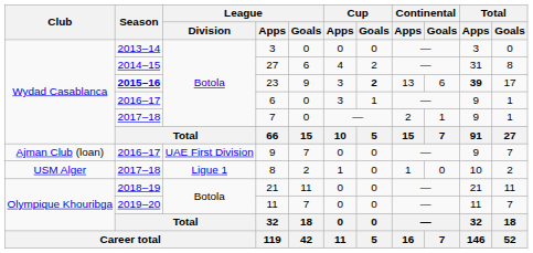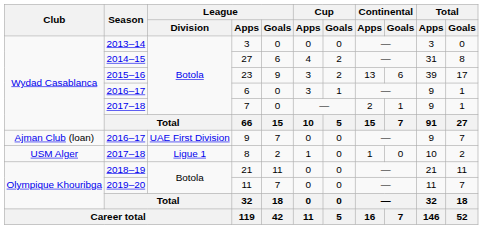 <table class="wikitable" style="text-align:center">
 <tr>
 <th rowspan="2">Club</th>
 <th rowspan="2">Season</th>
 <th colspan=3>League</th>
 <th colspan="2">Cup</th>
 <th colspan="2">Continental</th>
 <th colspan="2">Total</th>
 </tr>
 <tr>
 <th>Division</th>
 <th>Apps</th>
 <th>Goals</th>
 <th>Apps</th>
 <th>Goals</th>
 <th>Apps</th>
 <th>Goals</th>
 <th>Apps</th>
 <th>Goals</th>
 </tr>
 <tr>
 <td rowspan="6"><a href='#'>Wydad Casablanca</a></td>
 <td><a href='#'>2013–14</a></td>
 <td rowspan="5"><a href='#'>Botola</a></td>
 <td>3</td>
 <td>0</td>
 <td>0</td>
 <td>0</td>
 <td colspan="2">—</td>
 <td>3</td>
 <td>0</td>
 </tr>
 <tr>
 <td><a href='#'>2014–15</a></td>
 <td>27</td>
 <td>6</td>
 <td>4</td>
 <td>2</td>
 <td colspan="2">—</td>
 <td>31</td>
 <td>8</td>
 </tr>
 <tr>
-<td><strong><a href='#'>2015–16</a></strong></td>
+<td><a href='#'>2015–16</a></td>
 <td>23</td>
 <td>9</td>
 <td>3</td>
-<td><strong>2</strong></td>
+<td>2</td>
 <td>13</td>
 <td>6</td>
-<td><strong>39</strong></td>
+<td>39</td>
 <td>17</td>
 </tr>
 <tr>
 <td><a href='#'>2016–17</a></td>
 <td>6</td>
 <td>0</td>
 <td>3</td>
 <td>1</td>
 <td colspan="2">—</td>
 <td>9</td>
 <td>1</td>
 </tr>
 <tr>
 <td><a href='#'>2017–18</a></td>
 <td>7</td>
 <td>0</td>
 <td colspan="2">—</td>
 <td>2</td>
 <td>1</td>
 <td>9</td>
 <td>1</td>
 </tr>
 <tr>
 <th colspan="2">Total</th>
 <th>66</th>
 <th>15</th>
 <th>10</th>
 <th>5</th>
 <th>15</th>
 <th>7</th>
 <th>91</th>
 <th>27</th>
 </tr>
 <tr>
 <td><a href='#'>Ajman Club</a> (loan)</td>
 <td><a href='#'>2016–17</a></td>
 <td><a href='#'>UAE First Division</a></td>
 <td>9</td>
 <td>7</td>
 <td>0</td>
 <td>0</td>
 <td colspan="2">—</td>
 <td>9</td>
 <td>7</td>
 </tr>
 <tr>
 <td><a href='#'>USM Alger</a></td>
 <td><a href='#'>2017–18</a></td>
 <td><a href='#'>Ligue 1</a></td>
 <td>8</td>
 <td>2</td>
 <td>1</td>
 <td>0</td>
 <td>1</td>
 <td>0</td>
 <td>10</td>
 <td>2</td>
 </tr>
 <tr>
 <td rowspan="3"><a href='#'>Olympique Khouribga</a></td>
 <td><a href='#'>2018–19</a></td>
 <td rowspan="2">Botola</td>
 <td>21</td>
 <td>11</td>
 <td>0</td>
 <td>0</td>
 <td colspan="2">—</td>
 <td>21</td>
 <td>11</td>
 </tr>
 <tr>
 <td><a href='#'>2019–20</a></td>
 <td>11</td>
 <td>7</td>
 <td>0</td>
 <td>0</td>
 <td colspan="2">—</td>
 <td>11</td>
 <td>7</td>
 </tr>
 <tr>
 <th colspan="2">Total</th>
 <th>32</th>
 <th>18</th>
 <th>0</th>
 <th>0</th>
 <th colspan="2">—</th>
 <th>32</th>
 <th>18</th>
 </tr>
 <tr>
 <th colspan="3">Career total</th>
 <th>119</th>
 <th>42</th>
 <th>11</th>
 <th>5</th>
 <th>16</th>
 <th>7</th>
 <th>146</th>
 <th>52</th>
 </tr>
 </table>
